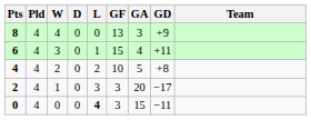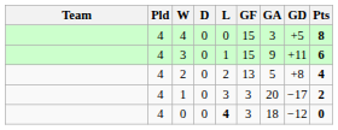 <table class="wikitable" style="text-align: center;">
 <tr>
-<th width=20>Pts</th>
+<th width=175>Team</th>
 <th width=20>Pld</th>
 <th width=20>W</th>
 <th width=20>D</th>
 <th width=20>L</th>
 <th width=20>GF</th>
 <th width=20>GA</th>
 <th width=20>GD</th>
-<th width=175>Team</th>
+<th width=20>Pts</th>
 </tr>
 <tr bgcolor=ccffcc>
-<td><strong>8</strong></td>
+<td style="text-align:left;"></td>
 <td>4</td>
 <td>4</td>
 <td>0</td>
 <td>0</td>
-<td>13</td>
+<td>15</td>
 <td>3</td>
-<td>+9</td>
-<td style="text-align:left;"></td>
+<td>+5</td>
+<td><strong>8</strong></td>
 </tr>
 <tr bgcolor=ccffcc>
-<td><strong>6</strong></td>
+<td style="text-align:left;"></td>
 <td>4</td>
 <td>3</td>
 <td>0</td>
 <td>1</td>
 <td>15</td>
-<td>4</td>
+<td>9</td>
 <td>+11</td>
-<td style="text-align:left;"></td>
+<td><strong>6</strong></td>
 </tr>
 <tr>
-<td><strong>4</strong></td>
+<td style="text-align:left;"></td>
 <td>4</td>
 <td>2</td>
 <td>0</td>
 <td>2</td>
-<td>10</td>
+<td>13</td>
 <td>5</td>
 <td>+8</td>
-<td style="text-align:left;"></td>
+<td><strong>4</strong></td>
 </tr>
 <tr>
-<td><strong>2</strong></td>
+<td style="text-align:left;"></td>
 <td>4</td>
 <td>1</td>
 <td>0</td>
 <td>3</td>
 <td>3</td>
 <td>20</td>
 <td>−17</td>
-<td style="text-align:left;"></td>
+<td><strong>2</strong></td>
 </tr>
 <tr>
-<td><strong>0</strong></td>
+<td style="text-align:left;"></td>
 <td>4</td>
 <td>0</td>
 <td>0</td>
 <td><strong>4</strong></td>
 <td>3</td>
-<td>15</td>
-<td>−11</td>
-<td style="text-align:left;"></td>
+<td>18</td>
+<td>−12</td>
+<td><strong>0</strong></td>
 </tr>
 </table>
